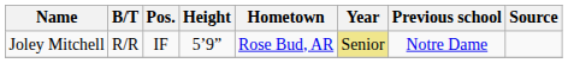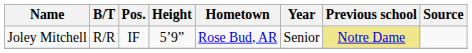 <table class="wikitable sortable">
 <tr>
 <th style="text-align:center; ">Name</th>
 <th style="text-align:center; ">B/T</th>
 <th style="text-align:center; ">Pos.</th>
 <th style="text-align:center; ">Height</th>
 <th style="text-align:center; ">Hometown</th>
 <th style="text-align:center; ">Year</th>
 <th style="text-align:center; ">Previous school</th>
 <th style="text-align:center; ">Source</th>
 </tr>
 <tr align="center">
 <td>Joley Mitchell</td>
 <td>R/R</td>
 <td>IF</td>
 <td>5’9”</td>
 <td><a href='#'>Rose Bud, AR</a></td>
-<td style="background: khaki;">Senior</td>
-<td><a href='#'>Notre Dame</a></td>
+<td>Senior</td>
+<td style="background: khaki;"><a href='#'>Notre Dame</a></td>
 <td></td>
 </tr>
 <tr>
 </tr>
 </table>
